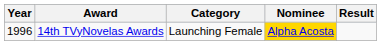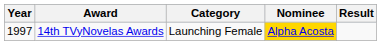 <table class="wikitable">
 <tr style="background:#b0c4de;">
 <th>Year</th>
 <th>Award</th>
 <th>Category</th>
 <th>Nominee</th>
 <th>Result</th>
 </tr>
 <tr>
-<td>1996</td>
+<td>1997</td>
 <td><a href='#'>14th TVyNovelas Awards</a></td>
 <td>Launching Female</td>
 <td style="background: gold;"><a href='#'>Alpha Acosta</a></td>
 <td></td>
 </tr>
 </table>
